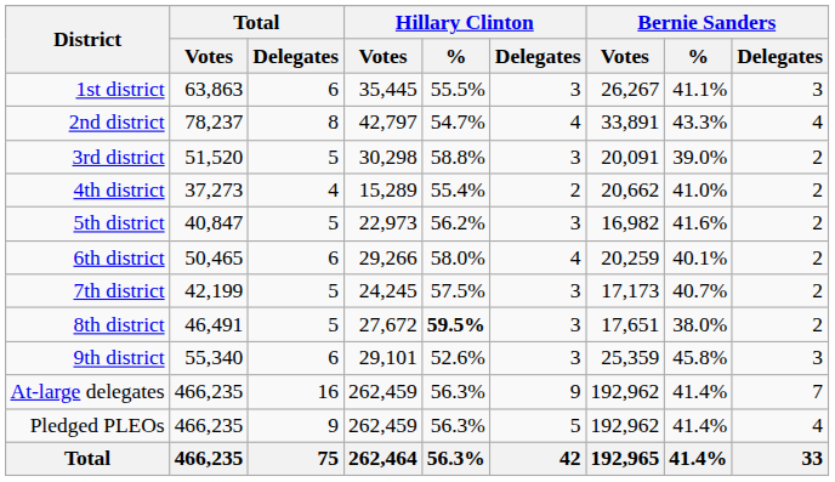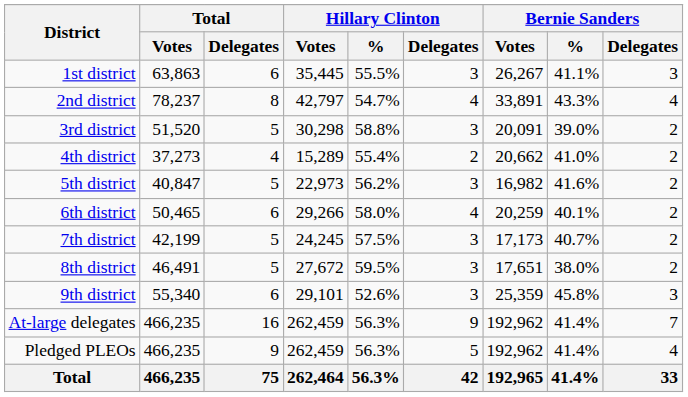 <table class="wikitable sortable" style="text-align:right">
 <tr>
 </tr>
 <tr>
 <th rowspan=2>District</th>
 <th colspan=2>Total</th>
 <th colspan=3><a href='#'>Hillary Clinton</a></th>
 <th colspan=3><a href='#'>Bernie Sanders</a></th>
 </tr>
 <tr>
 <th>Votes</th>
 <th>Delegates</th>
 <th>Votes</th>
 <th>%</th>
 <th>Delegates</th>
 <th>Votes</th>
 <th>%</th>
 <th>Delegates</th>
 </tr>
 <tr>
 <td><a href='#'>1st district</a></td>
 <td>63,863</td>
 <td>6</td>
 <td>35,445</td>
 <td>55.5%</td>
 <td>3</td>
 <td>26,267</td>
 <td>41.1%</td>
 <td>3</td>
 </tr>
 <tr>
 <td><a href='#'>2nd district</a></td>
 <td>78,237</td>
 <td>8</td>
 <td>42,797</td>
 <td>54.7%</td>
 <td>4</td>
 <td>33,891</td>
 <td>43.3%</td>
 <td>4</td>
 </tr>
 <tr>
 <td><a href='#'>3rd district</a></td>
 <td>51,520</td>
 <td>5</td>
 <td>30,298</td>
 <td>58.8%</td>
 <td>3</td>
 <td>20,091</td>
 <td>39.0%</td>
 <td>2</td>
 </tr>
 <tr>
 <td><a href='#'>4th district</a></td>
 <td>37,273</td>
 <td>4</td>
 <td>15,289</td>
 <td>55.4%</td>
 <td>2</td>
 <td>20,662</td>
 <td>41.0%</td>
 <td>2</td>
 </tr>
 <tr>
 <td><a href='#'>5th district</a></td>
 <td>40,847</td>
 <td>5</td>
 <td>22,973</td>
 <td>56.2%</td>
 <td>3</td>
 <td>16,982</td>
 <td>41.6%</td>
 <td>2</td>
 </tr>
 <tr>
 <td><a href='#'>6th district</a></td>
 <td>50,465</td>
 <td>6</td>
 <td>29,266</td>
 <td>58.0%</td>
 <td>4</td>
 <td>20,259</td>
 <td>40.1%</td>
 <td>2</td>
 </tr>
 <tr>
 <td><a href='#'>7th district</a></td>
 <td>42,199</td>
 <td>5</td>
 <td>24,245</td>
 <td>57.5%</td>
 <td>3</td>
 <td>17,173</td>
 <td>40.7%</td>
 <td>2</td>
 </tr>
 <tr>
 <td><a href='#'>8th district</a></td>
 <td>46,491</td>
 <td>5</td>
 <td>27,672</td>
-<td><strong>59.5%</strong></td>
+<td>59.5%</td>
 <td>3</td>
 <td>17,651</td>
 <td>38.0%</td>
 <td>2</td>
 </tr>
 <tr>
 <td><a href='#'>9th district</a></td>
 <td>55,340</td>
 <td>6</td>
 <td>29,101</td>
 <td>52.6%</td>
 <td>3</td>
 <td>25,359</td>
 <td>45.8%</td>
 <td>3</td>
 </tr>
 <tr>
 <td><a href='#'>At-large</a> delegates</td>
 <td>466,235</td>
 <td>16</td>
 <td>262,459</td>
 <td>56.3%</td>
 <td>9</td>
 <td>192,962</td>
 <td>41.4%</td>
 <td>7</td>
 </tr>
 <tr>
 <td>Pledged PLEOs</td>
 <td>466,235</td>
 <td>9</td>
 <td>262,459</td>
 <td>56.3%</td>
 <td>5</td>
 <td>192,962</td>
 <td>41.4%</td>
 <td>4</td>
 </tr>
 <tr>
 <th>Total</th>
 <th style="text-align:right">466,235</th>
 <th style="text-align:right">75</th>
 <th style="text-align:right">262,464</th>
 <th style="text-align:right">56.3%</th>
 <th style="text-align:right">42</th>
 <th style="text-align:right">192,965</th>
 <th style="text-align:right">41.4%</th>
 <th style="text-align:right">33</th>
 </tr>
 </table>
